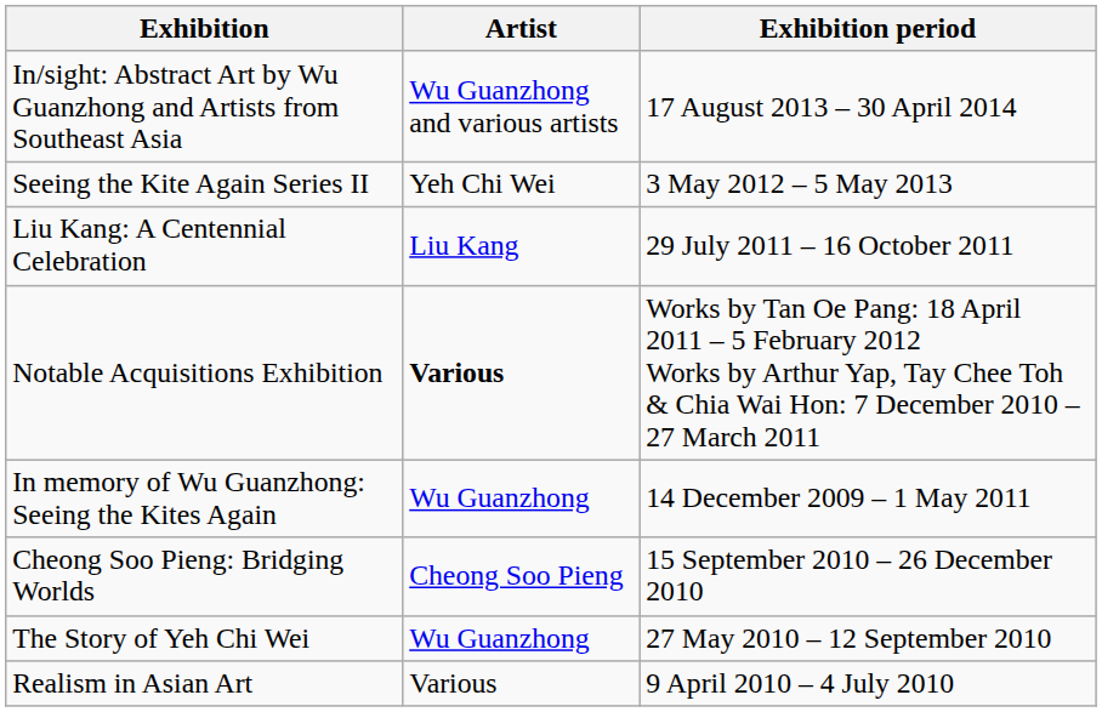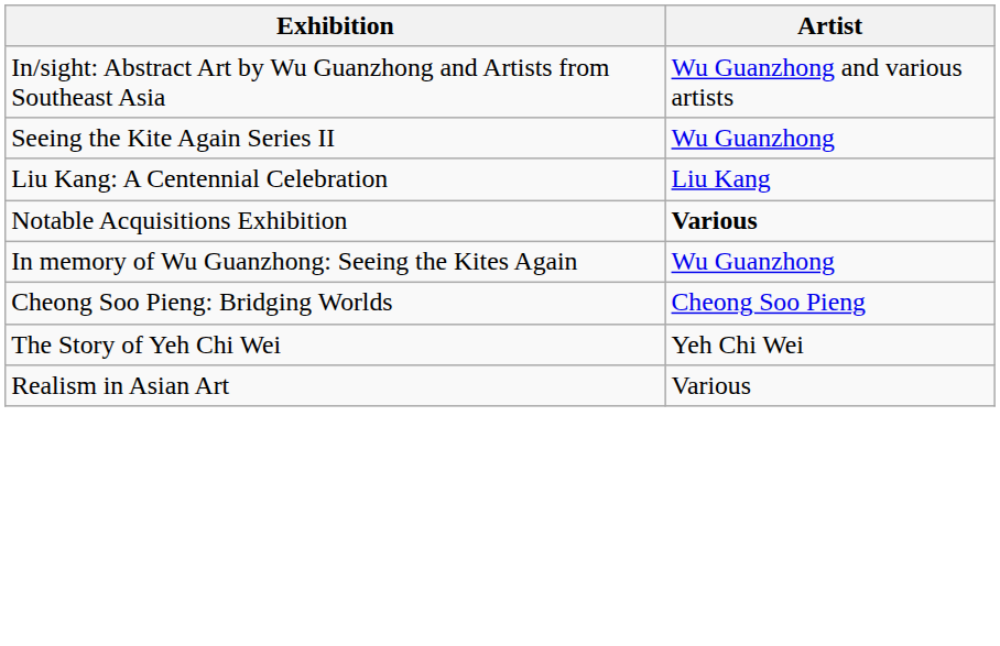 <table class="wikitable">
 <tr>
 <th>Exhibition</th>
 <th>Artist</th>
-<th>Exhibition period</th>
 </tr>
 <tr>
 <td>In/sight: Abstract Art by Wu Guanzhong and Artists from Southeast Asia</td>
 <td><a href='#'>Wu Guanzhong</a> and various artists</td>
-<td>17 August 2013 – 30 April 2014</td>
 </tr>
 <tr>
 <td>Seeing the Kite Again Series II</td>
-<td>Yeh Chi Wei</td>
-<td>3 May 2012 – 5 May 2013</td>
+<td><a href='#'>Wu Guanzhong</a></td>
 </tr>
 <tr>
 <td>Liu Kang: A Centennial Celebration</td>
 <td><a href='#'>Liu Kang</a></td>
-<td>29 July 2011 – 16 October 2011</td>
 </tr>
 <tr>
 <td>Notable Acquisitions Exhibition</td>
 <td><strong>Various</strong></td>
-<td>Works by Tan Oe Pang: 18 April 2011 – 5 February 2012<br>Works by Arthur Yap, Tay Chee Toh & Chia Wai Hon: 7 December 2010 – 27 March 2011</td>
 </tr>
 <tr>
 <td>In memory of Wu Guanzhong: Seeing the Kites Again</td>
 <td><a href='#'>Wu Guanzhong</a></td>
-<td>14 December 2009 – 1 May 2011</td>
 </tr>
 <tr>
 <td>Cheong Soo Pieng: Bridging Worlds</td>
 <td><a href='#'>Cheong Soo Pieng</a></td>
-<td>15 September 2010 – 26 December 2010</td>
 </tr>
 <tr>
 <td>The Story of Yeh Chi Wei</td>
-<td><a href='#'>Wu Guanzhong</a></td>
-<td>27 May 2010 – 12 September 2010</td>
+<td>Yeh Chi Wei</td>
 </tr>
 <tr>
 <td>Realism in Asian Art</td>
 <td>Various</td>
-<td>9 April 2010 – 4 July 2010</td>
 </tr>
 </table>
